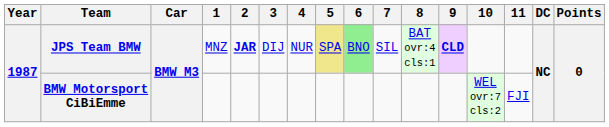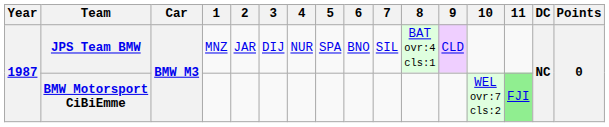 <table class="wikitable" style="text-align:center; font-size:95%">
 <tr>
 <th>Year</th>
 <th>Team</th>
 <th>Car</th>
 <th>1</th>
 <th>2</th>
 <th>3</th>
 <th>4</th>
 <th>5</th>
 <th>6</th>
 <th>7</th>
 <th>8</th>
 <th>9</th>
 <th>10</th>
 <th>11</th>
 <th>DC</th>
 <th>Points</th>
 </tr>
 <tr>
 <th rowspan=2><a href='#'>1987</a></th>
 <th> <a href='#'>JPS Team BMW</a></th>
 <th rowspan=2><a href='#'>BMW M3</a></th>
 <td><a href='#'>MNZ</a></td>
-<td><strong><a href='#'>JAR</a></strong></td>
+<td><a href='#'>JAR</a></td>
 <td><a href='#'>DIJ</a></td>
 <td><a href='#'>NUR</a></td>
-<td style="background: khaki;"><a href='#'>SPA</a></td>
-<td style="background: lightgreen;"><a href='#'>BNO</a></td>
+<td><a href='#'>SPA</a></td>
+<td><a href='#'>BNO</a></td>
 <td><a href='#'>SIL</a></td>
 <td style="background:#dfffdf;"><a href='#'>BAT</a><br><small>ovr:4<br>cls:1</small></td>
-<td style="background:#efcfff;"><strong><a href='#'>CLD</a><br></strong></td>
+<td style="background:#efcfff;"><a href='#'>CLD</a><br></td>
 <td></td>
 <td></td>
 <th rowspan=2>NC</th>
 <th rowspan=2>0</th>
 </tr>
 <tr>
 <th> <a href='#'>BMW Motorsport</a><br> CiBiEmme</th>
 <td></td>
 <td></td>
 <td></td>
 <td></td>
 <td></td>
 <td></td>
 <td></td>
 <td></td>
 <td></td>
 <td style="background:#dfffdf;"><a href='#'>WEL</a><br><small>ovr:7<br>cls:2</small></td>
-<td><a href='#'>FJI</a></td>
+<td style="background: lightgreen;"><a href='#'>FJI</a></td>
 </tr>
 </table>
